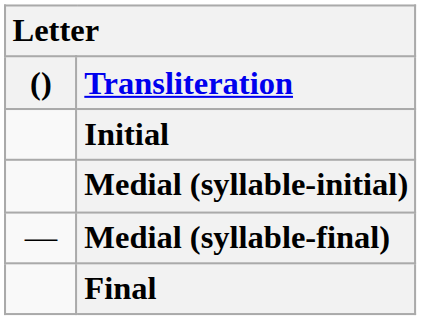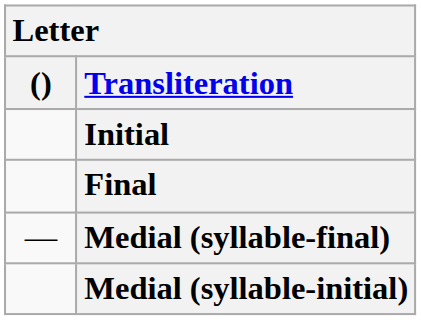 <table class="wikitable" style="text-align: center; display: inline-table;">
 <tr>
 <th colspan="2" style="text-align: left">Letter</th>
 </tr>
 <tr>
 <th style="min-width: 1.75em"> ()</th>
 <th style="text-align: left"><a href='#'>Transliteration</a></th>
 </tr>
 <tr>
 <td></td>
 <th style="text-align: left">Initial</th>
 </tr>
 <tr>
 <td></td>
-<th style="text-align: left">Medial (syllable-initial)</th>
+<th style="text-align: left">Final</th>
 </tr>
 <tr>
 <td>—</td>
 <th style="text-align: left">Medial (syllable-final)</th>
 </tr>
 <tr>
 <td></td>
-<th style="text-align: left">Final</th>
+<th style="text-align: left">Medial (syllable-initial)</th>
 </tr>
 </table>
